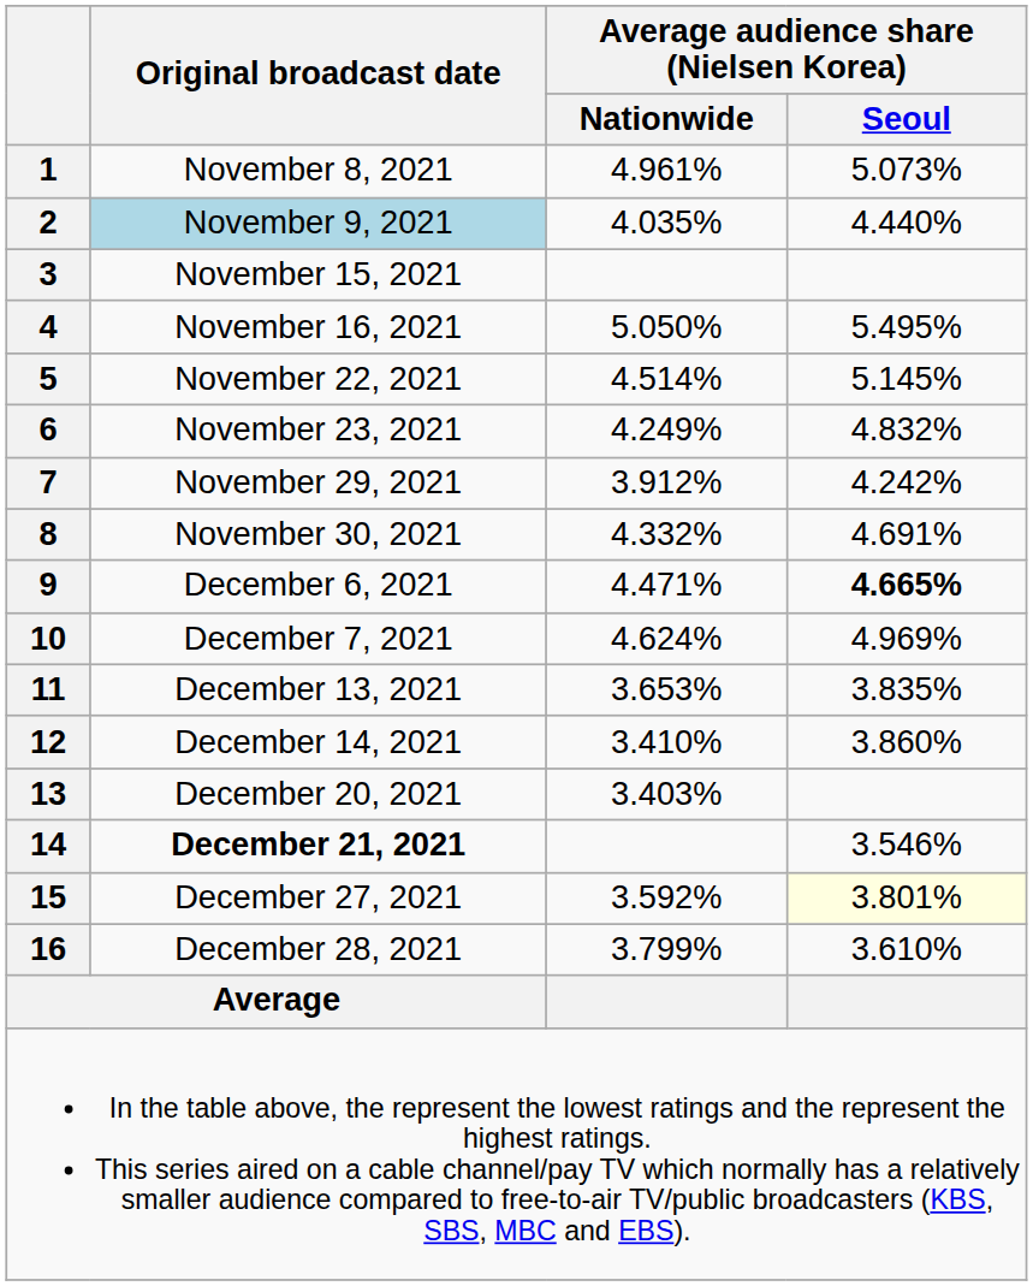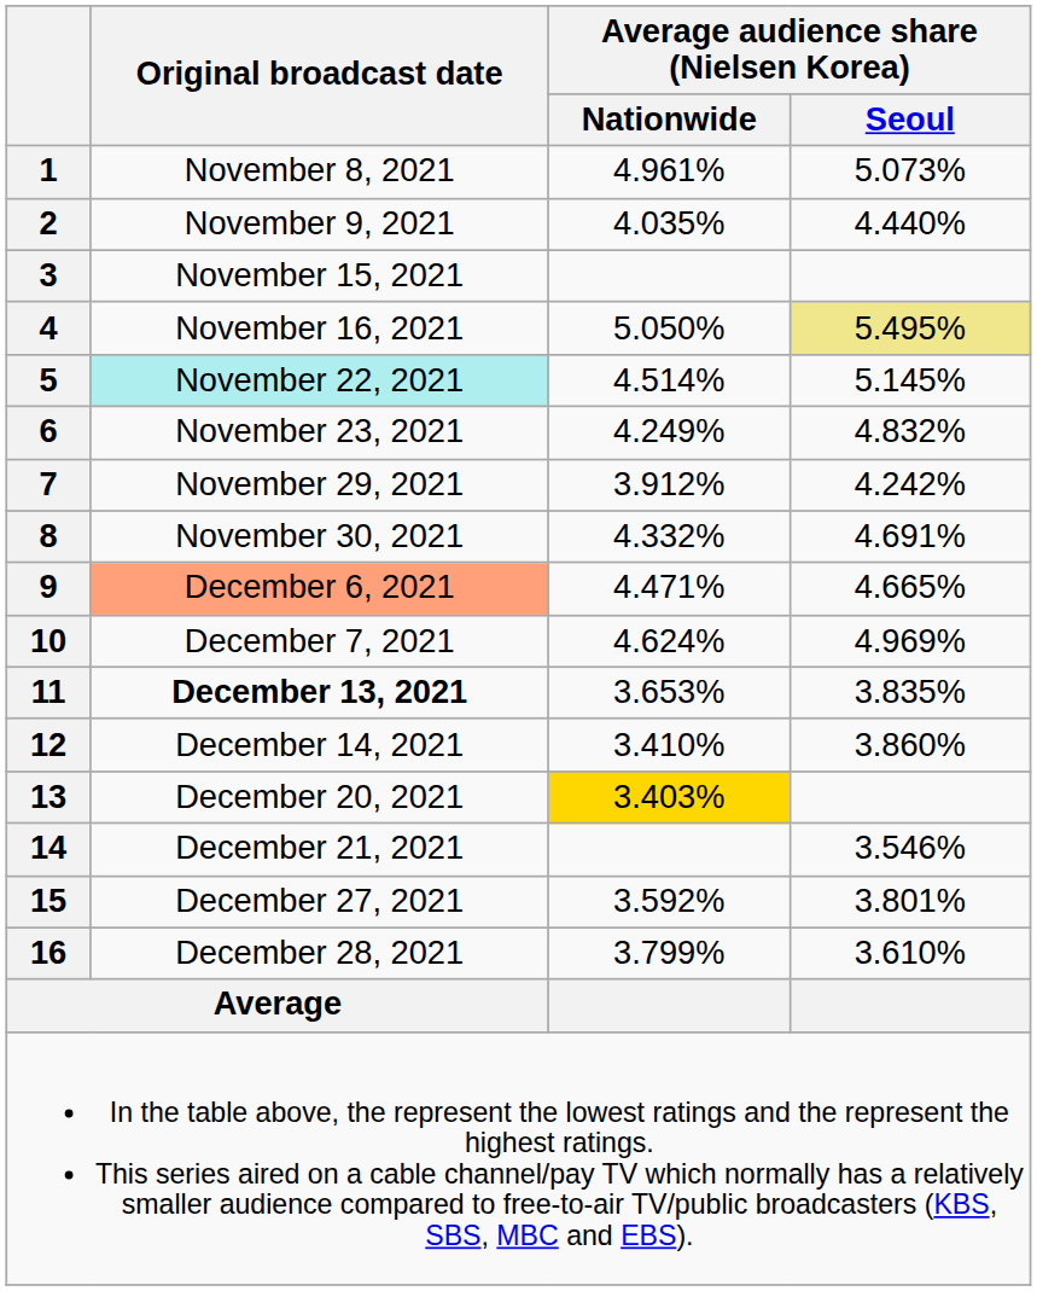 <table class="wikitable" style="text-align:center; max-width:500px; margin-left: auto; margin-right: auto; border: none;">
 <tr>
 </tr>
 <tr>
 <th rowspan="2"></th>
 <th rowspan="2">Original broadcast date</th>
 <th colspan="2">Average audience share<br>(Nielsen Korea)</th>
 </tr>
 <tr>
 <th width="110">Nationwide</th>
 <th width="110"><a href='#'>Seoul</a></th>
 </tr>
 <tr>
 <th>1</th>
 <td>November 8, 2021</td>
 <td>4.961% </td>
 <td>5.073% </td>
 </tr>
 <tr>
 <th>2</th>
-<td style="background: lightblue;">November 9, 2021</td>
+<td>November 9, 2021</td>
 <td>4.035% </td>
 <td>4.440% </td>
 </tr>
 <tr>
 <th>3</th>
 <td>November 15, 2021</td>
 <td> </td>
 <td> </td>
 </tr>
 <tr>
 <th>4</th>
 <td>November 16, 2021</td>
 <td>5.050% </td>
-<td>5.495% </td>
+<td style="background: khaki;">5.495% </td>
 </tr>
 <tr>
 <th>5</th>
-<td>November 22, 2021</td>
+<td style="background: paleturquoise;">November 22, 2021</td>
 <td>4.514% </td>
 <td>5.145% </td>
 </tr>
 <tr>
 <th>6</th>
 <td>November 23, 2021</td>
 <td>4.249% </td>
 <td>4.832% </td>
 </tr>
 <tr>
 <th>7</th>
 <td>November 29, 2021</td>
 <td>3.912%</td>
 <td>4.242%</td>
 </tr>
 <tr>
 <th>8</th>
 <td>November 30, 2021</td>
 <td>4.332% </td>
 <td>4.691% </td>
 </tr>
 <tr>
 <th>9</th>
-<td>December 6, 2021</td>
+<td style="background: lightsalmon;">December 6, 2021</td>
 <td>4.471% </td>
-<td><strong>4.665% </strong></td>
+<td>4.665% </td>
 </tr>
 <tr>
 <th>10</th>
 <td>December 7, 2021</td>
 <td>4.624% </td>
 <td>4.969% </td>
 </tr>
 <tr>
 <th>11</th>
-<td>December 13, 2021</td>
+<td><strong>December 13, 2021</strong></td>
 <td>3.653% </td>
 <td>3.835% </td>
 </tr>
 <tr>
 <th>12</th>
 <td>December 14, 2021</td>
 <td>3.410% </td>
 <td>3.860% </td>
 </tr>
 <tr>
 <th>13</th>
 <td>December 20, 2021</td>
-<td>3.403% </td>
+<td style="background: gold;">3.403% </td>
 <td> </td>
 </tr>
 <tr>
 <th>14</th>
-<td><strong>December 21, 2021</strong></td>
+<td>December 21, 2021</td>
 <td> </td>
 <td>3.546% </td>
 </tr>
 <tr>
 <th>15</th>
 <td>December 27, 2021</td>
 <td>3.592% </td>
-<td style="background: lightyellow;">3.801% </td>
+<td>3.801% </td>
 </tr>
 <tr>
 <th>16</th>
 <td>December 28, 2021</td>
 <td>3.799% </td>
 <td>3.610% </td>
 </tr>
 <tr>
 <th colspan="2">Average</th>
 <th></th>
 <th></th>
 </tr>
 <tr>
 <td colspan="4" style="font-size:85%"><br><ul><li>In the table above, the <strong></strong> represent the lowest ratings and the <strong></strong> represent the highest ratings.</li><li>This series aired on a cable channel/pay TV which normally has a relatively smaller audience compared to free-to-air TV/public broadcasters (<a href='#'>KBS</a>, <a href='#'>SBS</a>, <a href='#'>MBC</a> and <a href='#'>EBS</a>).</li></ul></td>
 </tr>
 </table>
